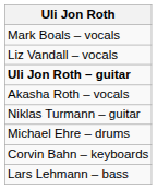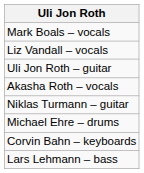 <table class="wikitable">
 <tr>
 <th>Uli Jon Roth</th>
 </tr>
 <tr>
 <td>Mark Boals – vocals</td>
 </tr>
 <tr>
 <td>Liz Vandall – vocals</td>
 </tr>
 <tr>
-<td><strong>Uli Jon Roth – guitar</strong></td>
+<td>Uli Jon Roth – guitar</td>
 </tr>
 <tr>
 <td>Akasha Roth – vocals</td>
 </tr>
 <tr>
 <td>Niklas Turmann – guitar</td>
 </tr>
 <tr>
 <td>Michael Ehre – drums</td>
 </tr>
 <tr>
 <td>Corvin Bahn – keyboards</td>
 </tr>
 <tr>
 <td>Lars Lehmann – bass</td>
 </tr>
 </table>
